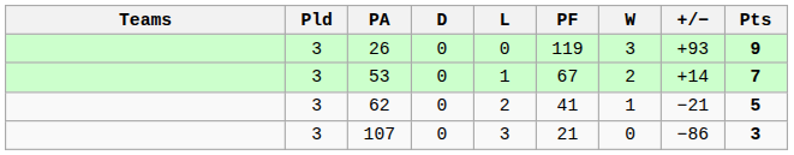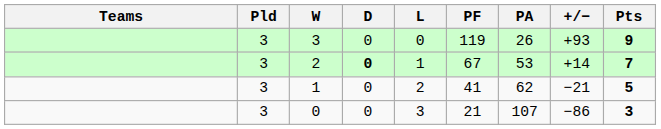 <table class="wikitable" style="text-align: center;">
 <tr>
 <th width="200">Teams</th>
 <th width="40">Pld</th>
-<th width="40">PA</th>
+<th width="40">W</th>
 <th width="40">D</th>
 <th width="40">L</th>
 <th width="40">PF</th>
-<th width="40">W</th>
+<th width="40">PA</th>
 <th width="40">+/−</th>
 <th width="40">Pts</th>
 </tr>
 <tr bgcolor=ccffcc>
 <td align=left></td>
 <td>3</td>
-<td>26</td>
+<td>3</td>
 <td>0</td>
 <td>0</td>
 <td>119</td>
-<td>3</td>
+<td>26</td>
 <td>+93</td>
 <td><strong>9</strong></td>
 </tr>
 <tr bgcolor=ccffcc>
 <td align=left></td>
 <td>3</td>
-<td>53</td>
-<td>0</td>
+<td>2</td>
+<td><strong>0</strong></td>
 <td>1</td>
 <td>67</td>
-<td>2</td>
+<td>53</td>
 <td>+14</td>
 <td><strong>7</strong></td>
 </tr>
 <tr>
 <td align=left></td>
 <td>3</td>
-<td>62</td>
+<td>1</td>
 <td>0</td>
 <td>2</td>
 <td>41</td>
-<td>1</td>
+<td>62</td>
 <td>−21</td>
 <td><strong>5</strong></td>
 </tr>
 <tr>
 <td align=left></td>
 <td>3</td>
-<td>107</td>
+<td>0</td>
 <td>0</td>
 <td>3</td>
 <td>21</td>
-<td>0</td>
+<td>107</td>
 <td>−86</td>
 <td><strong>3</strong></td>
 </tr>
 </table>
